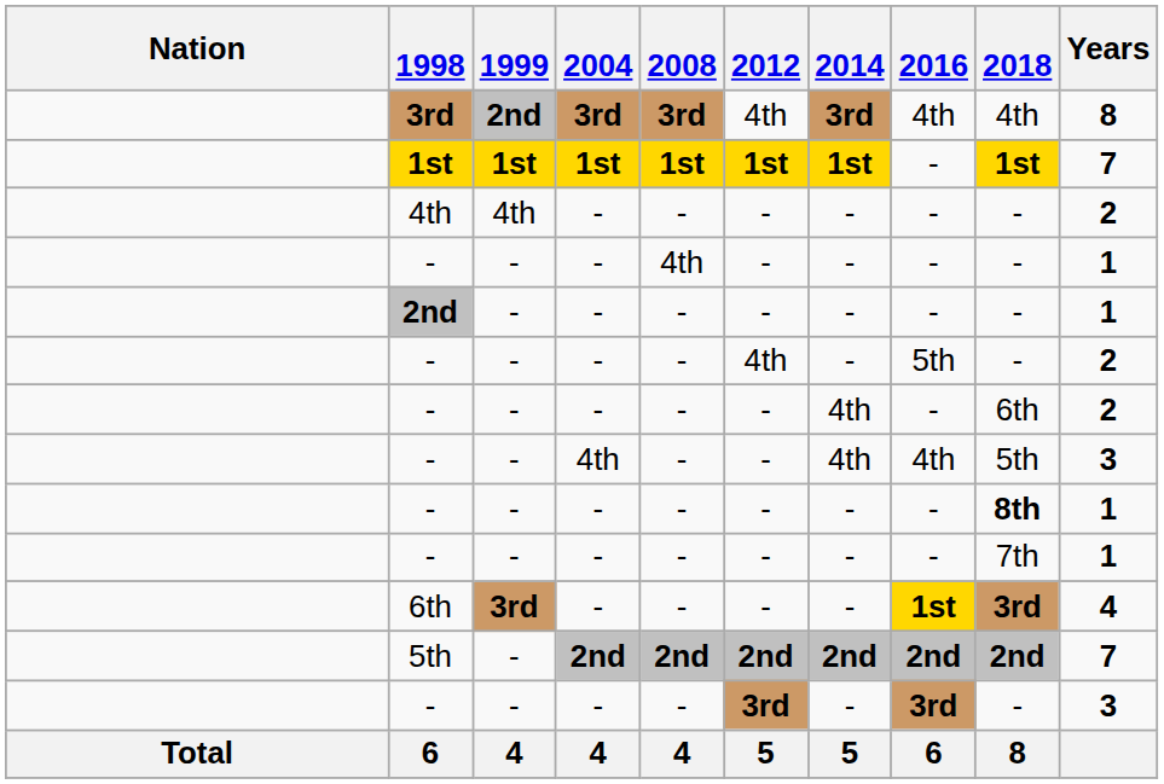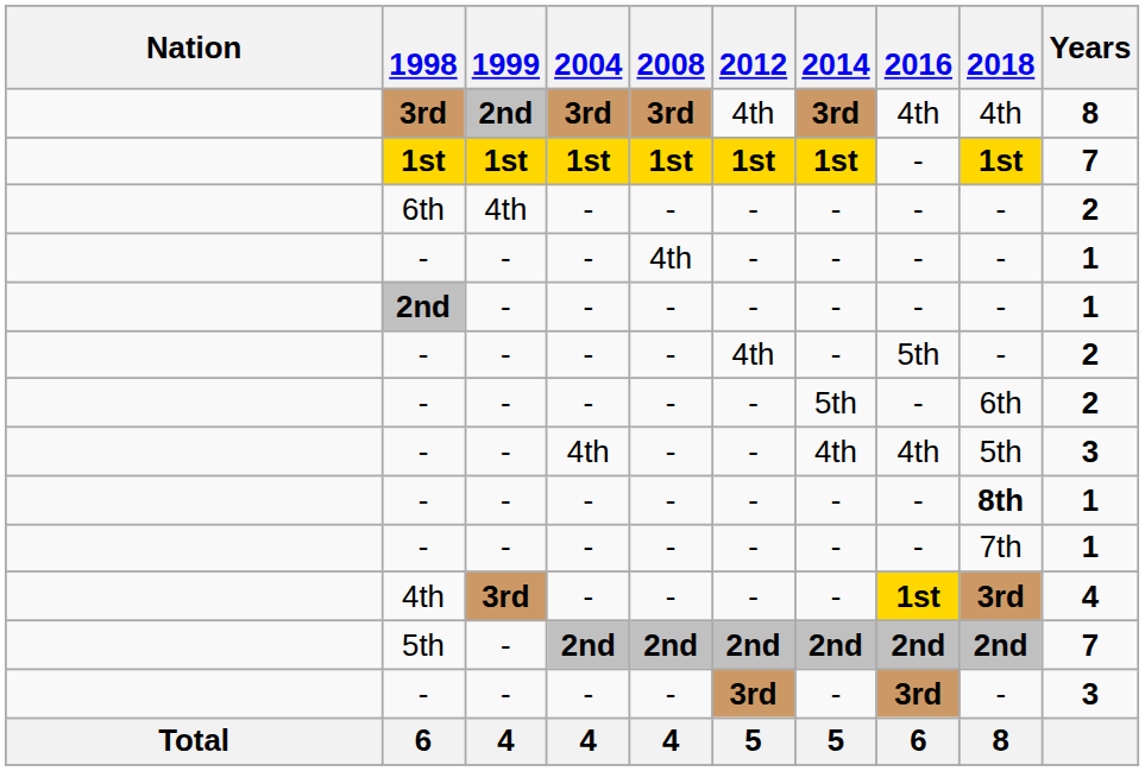 <table class="wikitable" style="text-align:center; font-size:90%">
 <tr>
 <th width=170>Nation</th>
 <th><br><a href='#'>1998</a></th>
 <th><br><a href='#'>1999</a></th>
 <th><br><a href='#'>2004</a></th>
 <th><br><a href='#'>2008</a></th>
 <th> <br> <a href='#'>2012</a></th>
 <th><br><a href='#'>2014</a></th>
 <th><br><a href='#'>2016</a></th>
 <th><br><a href='#'>2018</a></th>
 <th>Years</th>
 </tr>
 <tr>
 <td align=left></td>
 <td bgcolor=#cc9966><strong>3rd</strong></td>
 <td bgcolor=silver><strong>2nd</strong></td>
 <td bgcolor=#cc9966><strong>3rd</strong></td>
 <td bgcolor=#cc9966><strong>3rd</strong></td>
 <td>4th</td>
 <td bgcolor=#cc9966><strong>3rd</strong></td>
 <td>4th</td>
 <td>4th</td>
 <td><strong>8</strong></td>
 </tr>
 <tr>
 <td align=left></td>
 <td bgcolor=gold><strong>1st</strong></td>
 <td bgcolor=gold><strong>1st</strong></td>
 <td bgcolor=gold><strong>1st</strong></td>
 <td bgcolor=gold><strong>1st</strong></td>
 <td bgcolor=gold><strong>1st</strong></td>
 <td bgcolor=gold><strong>1st</strong></td>
 <td>-</td>
 <td bgcolor=gold><strong>1st</strong></td>
 <td><strong>7</strong></td>
 </tr>
 <tr>
 <td align=left></td>
-<td>4th</td>
+<td>6th</td>
 <td>4th</td>
 <td>-</td>
 <td>-</td>
 <td>-</td>
 <td>-</td>
 <td>-</td>
 <td>-</td>
 <td><strong>2</strong></td>
 </tr>
 <tr>
 <td align=left></td>
 <td>-</td>
 <td>-</td>
 <td>-</td>
 <td>4th</td>
 <td>-</td>
 <td>-</td>
 <td>-</td>
 <td>-</td>
 <td><strong>1</strong></td>
 </tr>
 <tr>
 <td align=left></td>
 <td bgcolor=silver><strong>2nd</strong></td>
 <td>-</td>
 <td>-</td>
 <td>-</td>
 <td>-</td>
 <td>-</td>
 <td>-</td>
 <td>-</td>
 <td><strong>1</strong></td>
 </tr>
 <tr>
 <td align=left></td>
 <td>-</td>
 <td>-</td>
 <td>-</td>
 <td>-</td>
 <td>4th</td>
 <td>-</td>
 <td>5th</td>
 <td>-</td>
 <td><strong>2</strong></td>
 </tr>
 <tr>
 <td align=left></td>
 <td>-</td>
 <td>-</td>
 <td>-</td>
 <td>-</td>
 <td>-</td>
-<td>4th</td>
+<td>5th</td>
 <td>-</td>
 <td>6th</td>
 <td><strong>2</strong></td>
 </tr>
 <tr>
 <td align=left></td>
 <td>-</td>
 <td>-</td>
 <td>4th</td>
 <td>-</td>
 <td>-</td>
 <td>4th</td>
 <td>4th</td>
 <td>5th</td>
 <td><strong>3</strong></td>
 </tr>
 <tr>
 <td align=left></td>
 <td>-</td>
 <td>-</td>
 <td>-</td>
 <td>-</td>
 <td>-</td>
 <td>-</td>
 <td>-</td>
 <td><strong>8th</strong></td>
 <td><strong>1</strong></td>
 </tr>
 <tr>
 <td align=left></td>
 <td>-</td>
 <td>-</td>
 <td>-</td>
 <td>-</td>
 <td>-</td>
 <td>-</td>
 <td>-</td>
 <td>7th</td>
 <td><strong>1</strong></td>
 </tr>
 <tr>
 <td align=left></td>
-<td>6th</td>
+<td>4th</td>
 <td bgcolor=#cc9966><strong>3rd</strong></td>
 <td>-</td>
 <td>-</td>
 <td>-</td>
 <td>-</td>
 <td bgcolor=gold><strong>1st</strong></td>
 <td bgcolor=#cc9966><strong>3rd</strong></td>
 <td><strong>4</strong></td>
 </tr>
 <tr>
 <td align=left></td>
 <td>5th</td>
 <td>-</td>
 <td bgcolor=silver><strong>2nd</strong></td>
 <td bgcolor=silver><strong>2nd</strong></td>
 <td bgcolor=silver><strong>2nd</strong></td>
 <td bgcolor=silver><strong>2nd</strong></td>
 <td bgcolor=silver><strong>2nd</strong></td>
 <td bgcolor=silver><strong>2nd</strong></td>
 <td><strong>7</strong></td>
 </tr>
 <tr>
 <td align=left></td>
 <td>-</td>
 <td>-</td>
 <td>-</td>
 <td>-</td>
 <td bgcolor=#cc9966><strong>3rd</strong></td>
 <td>-</td>
 <td bgcolor=#cc9966><strong>3rd</strong></td>
 <td>-</td>
 <td><strong>3</strong></td>
 </tr>
 <tr>
 <th>Total</th>
 <th>6</th>
 <th>4</th>
 <th>4</th>
 <th>4</th>
 <th>5</th>
 <th>5</th>
 <th>6</th>
 <th>8</th>
 <th></th>
 </tr>
 </table>
